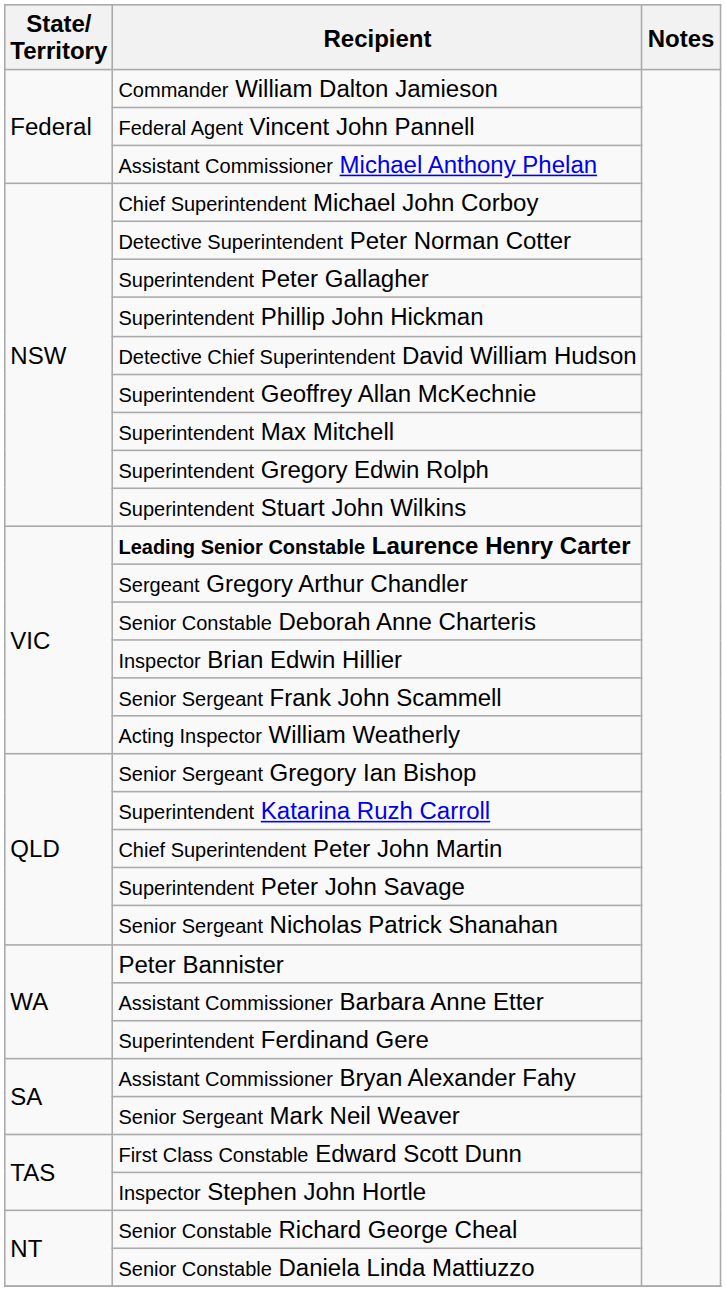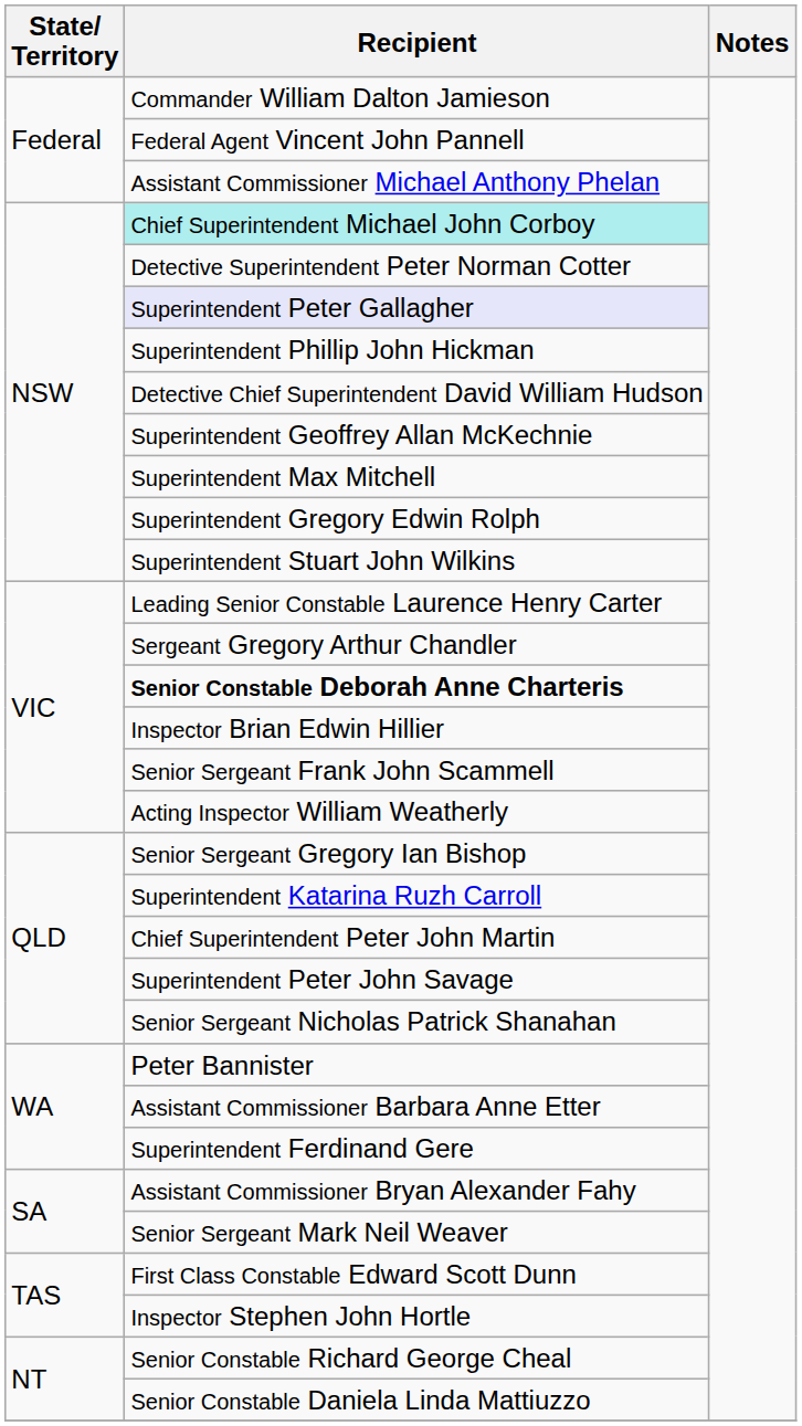 <table class="wikitable" style="font-size:95%;">
 <tr>
 <th>State/<br>Territory</th>
 <th>Recipient</th>
 <th>Notes</th>
 </tr>
 <tr>
 <td rowspan=3>Federal</td>
 <td><small>Commander</small> William Dalton Jamieson</td>
 <td rowspan=32></td>
 </tr>
 <tr>
 <td><small>Federal Agent</small> Vincent John Pannell</td>
 </tr>
 <tr>
 <td><small>Assistant Commissioner</small> <a href='#'>Michael Anthony Phelan</a></td>
 </tr>
 <tr>
 <td rowspan=9>NSW</td>
-<td><small>Chief Superintendent</small> Michael John Corboy</td>
+<td style="background: paleturquoise;"><small>Chief Superintendent</small> Michael John Corboy</td>
 </tr>
 <tr>
 <td><small>Detective Superintendent</small> Peter Norman Cotter</td>
 </tr>
 <tr>
-<td><small>Superintendent</small> Peter Gallagher</td>
+<td style="background: lavender;"><small>Superintendent</small> Peter Gallagher</td>
 </tr>
 <tr>
 <td><small>Superintendent</small> Phillip John Hickman</td>
 </tr>
 <tr>
 <td><small>Detective Chief Superintendent</small> David William Hudson</td>
 </tr>
 <tr>
 <td><small>Superintendent</small> Geoffrey Allan McKechnie</td>
 </tr>
 <tr>
 <td><small>Superintendent</small> Max Mitchell</td>
 </tr>
 <tr>
 <td><small>Superintendent</small> Gregory Edwin Rolph</td>
 </tr>
 <tr>
 <td><small>Superintendent</small> Stuart John Wilkins</td>
 </tr>
 <tr>
 <td rowspan=6>VIC</td>
-<td><strong><small>Leading Senior Constable</small> Laurence Henry Carter</strong></td>
+<td><small>Leading Senior Constable</small> Laurence Henry Carter</td>
 </tr>
 <tr>
 <td><small>Sergeant</small> Gregory Arthur Chandler</td>
 </tr>
 <tr>
-<td><small>Senior Constable</small> Deborah Anne Charteris</td>
+<td><strong><small>Senior Constable</small> Deborah Anne Charteris</strong></td>
 </tr>
 <tr>
 <td><small>Inspector</small> Brian Edwin Hillier</td>
 </tr>
 <tr>
 <td><small>Senior Sergeant</small> Frank John Scammell</td>
 </tr>
 <tr>
 <td><small>Acting Inspector</small> William Weatherly</td>
 </tr>
 <tr>
 <td rowspan=5>QLD</td>
 <td><small>Senior Sergeant</small> Gregory Ian Bishop</td>
 </tr>
 <tr>
 <td><small>Superintendent</small> <a href='#'>Katarina Ruzh Carroll</a></td>
 </tr>
 <tr>
 <td><small>Chief Superintendent</small> Peter John Martin</td>
 </tr>
 <tr>
 <td><small>Superintendent</small> Peter John Savage</td>
 </tr>
 <tr>
 <td><small>Senior Sergeant</small> Nicholas Patrick Shanahan</td>
 </tr>
 <tr>
 <td rowspan=3>WA</td>
 <td>Peter Bannister</td>
 </tr>
 <tr>
 <td><small>Assistant Commissioner</small> Barbara Anne Etter</td>
 </tr>
 <tr>
 <td><small>Superintendent</small> Ferdinand Gere</td>
 </tr>
 <tr>
 <td rowspan=2>SA</td>
 <td><small>Assistant Commissioner</small> Bryan Alexander Fahy</td>
 </tr>
 <tr>
 <td><small>Senior Sergeant</small> Mark Neil Weaver</td>
 </tr>
 <tr>
 <td rowspan=2>TAS</td>
 <td><small>First Class Constable</small> Edward Scott Dunn</td>
 </tr>
 <tr>
 <td><small>Inspector</small> Stephen John Hortle</td>
 </tr>
 <tr>
 <td rowspan=2>NT</td>
 <td><small>Senior Constable</small> Richard George Cheal</td>
 </tr>
 <tr>
 <td><small>Senior Constable</small> Daniela Linda Mattiuzzo</td>
 </tr>
 <tr>
 </tr>
 </table>
